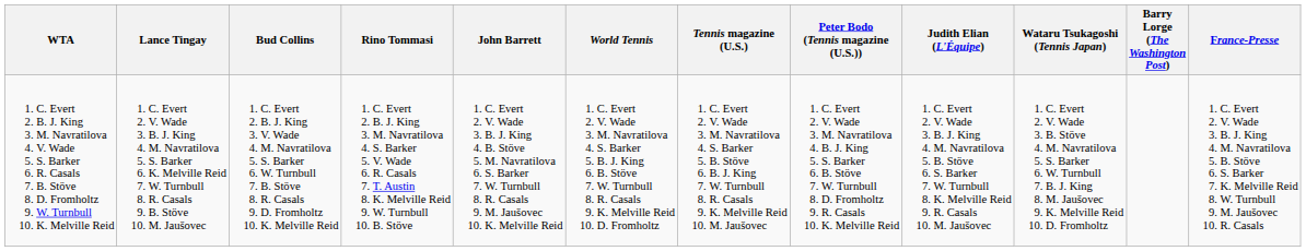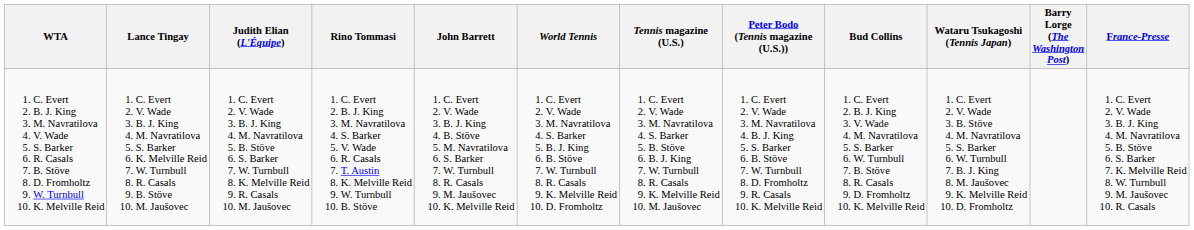 <table class="wikitable">
 <tr>
 <th>WTA</th>
 <th>Lance Tingay</th>
-<th>Bud Collins</th>
+<th>Judith Elian<br>(<em><a href='#'>L'Équipe</a></em>)</th>
 <th>Rino Tommasi</th>
 <th>John Barrett</th>
 <th><em>World Tennis</em></th>
 <th><em>Tennis</em> magazine<br>(U.S.)</th>
 <th><a href='#'>Peter Bodo</a><br>(<em>Tennis</em> magazine<br>(U.S.))</th>
-<th>Judith Elian<br>(<em><a href='#'>L'Équipe</a></em>)</th>
+<th>Bud Collins</th>
 <th>Wataru Tsukagoshi<br>(<em>Tennis Japan</em>)</th>
 <th>Barry Lorge<br>(<em><a href='#'>The Washington Post</a></em>)</th>
 <th><a href='#'>F<em>rance-Presse</em></a><em></em></th>
 </tr>
 <tr style="vertical-align: top;">
 <td style="white-space: nowrap;"><br><ol><li> C. Evert</li><li> B. J. King</li><li> M. Navratilova</li><li> V. Wade</li><li> S. Barker</li><li> R. Casals</li><li> B. Stöve</li><li> D. Fromholtz</li><li> <a href='#'>W. Turnbull</a></li><li> K. Melville Reid</li></ol></td>
 <td style="white-space: nowrap;"><br><ol><li> C. Evert</li><li> V. Wade</li><li> B. J. King</li><li> M. Navratilova</li><li> S. Barker</li><li> K. Melville Reid</li><li> W. Turnbull</li><li> R. Casals</li><li> B. Stöve</li><li> M. Jaušovec</li></ol></td>
-<td style="white-space: nowrap;"><br><ol><li> C. Evert</li><li> B. J. King</li><li> V. Wade</li><li> M. Navratilova</li><li> S. Barker</li><li> W. Turnbull</li><li> B. Stöve</li><li> R. Casals</li><li> D. Fromholtz</li><li> K. Melville Reid</li></ol></td>
+<td style="white-space: nowrap;"><br><ol><li> C. Evert</li><li> V. Wade</li><li> B. J. King</li><li> M. Navratilova</li><li> B. Stöve</li><li> S. Barker</li><li> W. Turnbull</li><li> K. Melville Reid</li><li> R. Casals</li><li> M. Jaušovec</li></ol></td>
 <td style="white-space: nowrap;"><br><ol><li> C. Evert</li><li> B. J. King</li><li> M. Navratilova</li><li> S. Barker</li><li> V. Wade</li><li> R. Casals</li><li> <a href='#'>T. Austin</a></li><li> K. Melville Reid</li><li> W. Turnbull</li><li> B. Stöve</li></ol></td>
 <td style="white-space: nowrap;"><br><ol><li> C. Evert</li><li> V. Wade</li><li> B. J. King</li><li> B. Stöve</li><li> M. Navratilova</li><li> S. Barker</li><li> W. Turnbull</li><li> R. Casals</li><li> M. Jaušovec</li><li> K. Melville Reid</li></ol></td>
 <td style="white-space: nowrap;"><br><ol><li> C. Evert</li><li> V. Wade</li><li> M. Navratilova</li><li> S. Barker</li><li> B. J. King</li><li> B. Stöve</li><li> W. Turnbull</li><li> R. Casals</li><li> K. Melville Reid</li><li> D. Fromholtz</li></ol></td>
 <td style="white-space: nowrap;"><br><ol><li> C. Evert</li><li> V. Wade</li><li> M. Navratilova</li><li> S. Barker</li><li> B. Stöve</li><li> B. J. King</li><li> W. Turnbull</li><li> R. Casals</li><li> K. Melville Reid</li><li> M. Jaušovec</li></ol></td>
 <td style="white-space: nowrap;"><br><ol><li> C. Evert</li><li> V. Wade</li><li> M. Navratilova</li><li> B. J. King</li><li> S. Barker</li><li> B. Stöve</li><li> W. Turnbull</li><li> D. Fromholtz</li><li> R. Casals</li><li> K. Melville Reid</li></ol></td>
-<td style="white-space: nowrap;"><br><ol><li> C. Evert</li><li> V. Wade</li><li> B. J. King</li><li> M. Navratilova</li><li> B. Stöve</li><li> S. Barker</li><li> W. Turnbull</li><li> K. Melville Reid</li><li> R. Casals</li><li> M. Jaušovec</li></ol></td>
+<td style="white-space: nowrap;"><br><ol><li> C. Evert</li><li> B. J. King</li><li> V. Wade</li><li> M. Navratilova</li><li> S. Barker</li><li> W. Turnbull</li><li> B. Stöve</li><li> R. Casals</li><li> D. Fromholtz</li><li> K. Melville Reid</li></ol></td>
 <td style="white-space: nowrap;"><br><ol><li> C. Evert</li><li> V. Wade</li><li> B. Stöve</li><li> M. Navratilova</li><li> S. Barker</li><li> W. Turnbull</li><li> B. J. King</li><li> M. Jaušovec</li><li> K. Melville Reid</li><li> D. Fromholtz</li></ol></td>
 <td></td>
 <td style="white-space: nowrap;"><br><ol><li> C. Evert</li><li> V. Wade</li><li> B. J. King</li><li> M. Navratilova</li><li> B. Stöve</li><li> S. Barker</li><li> K. Melville Reid</li><li> W. Turnbull</li><li> M. Jaušovec</li><li> R. Casals</li></ol></td>
 </tr>
 </table>
